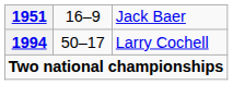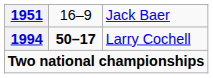 <table class="wikitable">
 <tr>
 <th><a href='#'>1951</a></th>
 <td align=center>16–9</td>
 <td><a href='#'>Jack Baer</a></td>
 </tr>
 <tr>
 <th><a href='#'>1994</a></th>
-<td align=center>50–17</td>
+<td align=center><strong>50–17</strong></td>
 <td><a href='#'>Larry Cochell</a></td>
 </tr>
 <tr>
 <td colspan=3 align=center "bgcolor=white"><span><strong>Two national championships</strong></span></td>
 </tr>
 </table>
